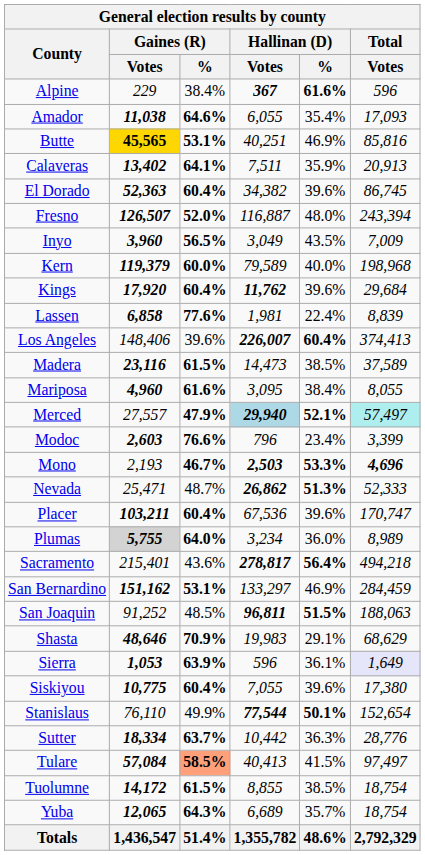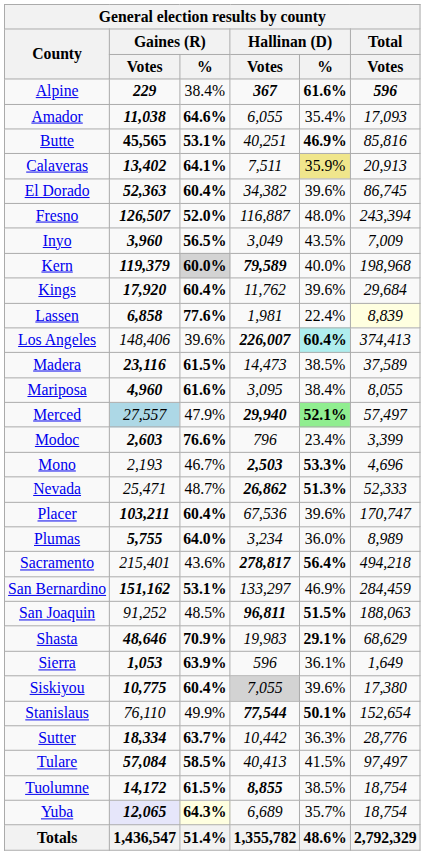 <table class="wikitable sortable" style="text-align:center">
 <tr>
 <th colspan=6>General election results by county</th>
 </tr>
 <tr>
 <th rowspan=2>County</th>
 <th colspan=2>Gaines (R)</th>
 <th colspan=2>Hallinan (D)</th>
 <th>Total</th>
 </tr>
 <tr>
 <th>Votes</th>
 <th>%</th>
 <th>Votes</th>
 <th>%</th>
 <th data-sort-type=number>Votes</th>
 </tr>
 <tr>
 <td><a href='#'>Alpine</a></td>
-<td><em>229</em></td>
+<td><strong><em>229</em></strong></td>
 <td>38.4%</td>
 <td><strong><em>367</em></strong></td>
 <td><strong>61.6%</strong></td>
-<td><em>596</em></td>
+<td><strong><em>596</em></strong></td>
 </tr>
 <tr>
 <td><a href='#'>Amador</a></td>
 <td><strong><em>11,038</em></strong></td>
 <td><strong>64.6%</strong></td>
 <td><em>6,055</em></td>
 <td>35.4%</td>
 <td><em>17,093</em></td>
 </tr>
 <tr>
 <td><a href='#'>Butte</a></td>
-<td style="background: gold;"><strong>45,565</strong></td>
+<td><strong>45,565</strong></td>
 <td><strong>53.1%</strong></td>
 <td><em>40,251</em></td>
-<td>46.9%</td>
+<td><strong>46.9%</strong></td>
 <td><em>85,816</em></td>
 </tr>
 <tr>
 <td><a href='#'>Calaveras</a></td>
 <td><strong><em>13,402</em></strong></td>
 <td><strong>64.1%</strong></td>
 <td><em>7,511</em></td>
-<td>35.9%</td>
+<td style="background: khaki;">35.9%</td>
 <td><em>20,913</em></td>
 </tr>
 <tr>
 <td><a href='#'>El Dorado</a></td>
 <td><strong><em>52,363</em></strong></td>
 <td><strong>60.4%</strong></td>
 <td><em>34,382</em></td>
 <td>39.6%</td>
 <td><em>86,745</em></td>
 </tr>
 <tr>
 <td><a href='#'>Fresno</a></td>
 <td><strong><em>126,507</em></strong></td>
 <td><strong>52.0%</strong></td>
 <td><em>116,887</em></td>
 <td>48.0%</td>
 <td><em>243,394</em></td>
 </tr>
 <tr>
 <td><a href='#'>Inyo</a></td>
 <td><strong><em>3,960</em></strong></td>
 <td><strong>56.5%</strong></td>
 <td><em>3,049</em></td>
 <td>43.5%</td>
 <td><em>7,009</em></td>
 </tr>
 <tr>
 <td><a href='#'>Kern</a></td>
 <td><strong><em>119,379</em></strong></td>
-<td><strong>60.0%</strong></td>
-<td><em>79,589</em></td>
+<td style="background: lightgrey;"><strong>60.0%</strong></td>
+<td><strong><em>79,589</em></strong></td>
 <td>40.0%</td>
 <td><em>198,968</em></td>
 </tr>
 <tr>
 <td><a href='#'>Kings</a></td>
 <td><strong><em>17,920</em></strong></td>
 <td><strong>60.4%</strong></td>
-<td><strong><em>11,762</em></strong></td>
+<td><em>11,762</em></td>
 <td>39.6%</td>
 <td><em>29,684</em></td>
 </tr>
 <tr>
 <td><a href='#'>Lassen</a></td>
 <td><strong><em>6,858</em></strong></td>
 <td><strong>77.6%</strong></td>
 <td><em>1,981</em></td>
 <td>22.4%</td>
-<td><em>8,839</em></td>
+<td style="background: lightyellow;"><em>8,839</em></td>
 </tr>
 <tr>
 <td><a href='#'>Los Angeles</a></td>
 <td><em>148,406</em></td>
 <td>39.6%</td>
 <td><strong><em>226,007</em></strong></td>
-<td><strong>60.4%</strong></td>
+<td style="background: paleturquoise;"><strong>60.4%</strong></td>
 <td><em>374,413</em></td>
 </tr>
 <tr>
 <td><a href='#'>Madera</a></td>
 <td><strong><em>23,116</em></strong></td>
 <td><strong>61.5%</strong></td>
 <td><em>14,473</em></td>
 <td>38.5%</td>
 <td><em>37,589</em></td>
 </tr>
 <tr>
 <td><a href='#'>Mariposa</a></td>
 <td><strong><em>4,960</em></strong></td>
 <td><strong>61.6%</strong></td>
 <td><em>3,095</em></td>
 <td>38.4%</td>
 <td><em>8,055</em></td>
 </tr>
 <tr>
 <td><a href='#'>Merced</a></td>
-<td><em>27,557</em></td>
-<td><strong>47.9%</strong></td>
-<td style="background: lightblue;"><strong><em>29,940</em></strong></td>
-<td><strong>52.1%</strong></td>
-<td style="background: paleturquoise;"><em>57,497</em></td>
+<td style="background: lightblue;"><em>27,557</em></td>
+<td>47.9%</td>
+<td><strong><em>29,940</em></strong></td>
+<td style="background: lightgreen;"><strong>52.1%</strong></td>
+<td><em>57,497</em></td>
 </tr>
 <tr>
 <td><a href='#'>Modoc</a></td>
 <td><strong><em>2,603</em></strong></td>
 <td><strong>76.6%</strong></td>
 <td><em>796</em></td>
 <td>23.4%</td>
 <td><em>3,399</em></td>
 </tr>
 <tr>
 <td><a href='#'>Mono</a></td>
 <td><em>2,193</em></td>
-<td><strong>46.7%</strong></td>
+<td>46.7%</td>
 <td><strong><em>2,503</em></strong></td>
 <td><strong>53.3%</strong></td>
-<td><strong><em>4,696</em></strong></td>
+<td><em>4,696</em></td>
 </tr>
 <tr>
 <td><a href='#'>Nevada</a></td>
 <td><em>25,471</em></td>
 <td>48.7%</td>
 <td><strong><em>26,862</em></strong></td>
 <td><strong>51.3%</strong></td>
 <td><em>52,333</em></td>
 </tr>
 <tr>
 <td><a href='#'>Placer</a></td>
 <td><strong><em>103,211</em></strong></td>
 <td><strong>60.4%</strong></td>
 <td><em>67,536</em></td>
 <td>39.6%</td>
 <td><em>170,747</em></td>
 </tr>
 <tr>
 <td><a href='#'>Plumas</a></td>
-<td style="background: lightgrey;"><strong><em>5,755</em></strong></td>
+<td><strong><em>5,755</em></strong></td>
 <td><strong>64.0%</strong></td>
 <td><em>3,234</em></td>
 <td>36.0%</td>
 <td><em>8,989</em></td>
 </tr>
 <tr>
 <td><a href='#'>Sacramento</a></td>
 <td><em>215,401</em></td>
 <td>43.6%</td>
 <td><strong><em>278,817</em></strong></td>
 <td><strong>56.4%</strong></td>
 <td><em>494,218</em></td>
 </tr>
 <tr>
 <td><a href='#'>San Bernardino</a></td>
 <td><strong><em>151,162</em></strong></td>
 <td><strong>53.1%</strong></td>
 <td><em>133,297</em></td>
 <td>46.9%</td>
 <td><em>284,459</em></td>
 </tr>
 <tr>
 <td><a href='#'>San Joaquin</a></td>
 <td><em>91,252</em></td>
 <td>48.5%</td>
 <td><strong><em>96,811</em></strong></td>
 <td><strong>51.5%</strong></td>
 <td><em>188,063</em></td>
 </tr>
 <tr>
 <td><a href='#'>Shasta</a></td>
 <td><strong><em>48,646</em></strong></td>
 <td><strong>70.9%</strong></td>
 <td><em>19,983</em></td>
-<td>29.1%</td>
+<td><strong>29.1%</strong></td>
 <td><em>68,629</em></td>
 </tr>
 <tr>
 <td><a href='#'>Sierra</a></td>
 <td><strong><em>1,053</em></strong></td>
 <td><strong>63.9%</strong></td>
 <td><em>596</em></td>
 <td>36.1%</td>
-<td style="background: lavender;"><em>1,649</em></td>
+<td><em>1,649</em></td>
 </tr>
 <tr>
 <td><a href='#'>Siskiyou</a></td>
 <td><strong><em>10,775</em></strong></td>
 <td><strong>60.4%</strong></td>
-<td><em>7,055</em></td>
+<td style="background: lightgrey;"><em>7,055</em></td>
 <td>39.6%</td>
 <td><em>17,380</em></td>
 </tr>
 <tr>
 <td><a href='#'>Stanislaus</a></td>
 <td><em>76,110</em></td>
 <td>49.9%</td>
 <td><strong><em>77,544</em></strong></td>
 <td><strong>50.1%</strong></td>
 <td><em>152,654</em></td>
 </tr>
 <tr>
 <td><a href='#'>Sutter</a></td>
 <td><strong><em>18,334</em></strong></td>
 <td><strong>63.7%</strong></td>
 <td><em>10,442</em></td>
 <td>36.3%</td>
 <td><em>28,776</em></td>
 </tr>
 <tr>
 <td><a href='#'>Tulare</a></td>
 <td><strong><em>57,084</em></strong></td>
-<td style="background: lightsalmon;"><strong>58.5%</strong></td>
+<td><strong>58.5%</strong></td>
 <td><em>40,413</em></td>
 <td>41.5%</td>
 <td><em>97,497</em></td>
 </tr>
 <tr>
 <td><a href='#'>Tuolumne</a></td>
 <td><strong><em>14,172</em></strong></td>
 <td><strong>61.5%</strong></td>
-<td><em>8,855</em></td>
+<td><strong><em>8,855</em></strong></td>
 <td>38.5%</td>
 <td><em>18,754</em></td>
 </tr>
 <tr>
 <td><a href='#'>Yuba</a></td>
-<td><strong><em>12,065</em></strong></td>
-<td><strong>64.3%</strong></td>
+<td style="background: lavender;"><strong><em>12,065</em></strong></td>
+<td style="background: lightyellow;"><strong>64.3%</strong></td>
 <td><em>6,689</em></td>
 <td>35.7%</td>
 <td><em>18,754</em></td>
 </tr>
 <tr>
 <th>Totals</th>
 <th>1,436,547</th>
 <th>51.4%</th>
 <th>1,355,782</th>
 <th>48.6%</th>
 <th>2,792,329</th>
 </tr>
 </table>
